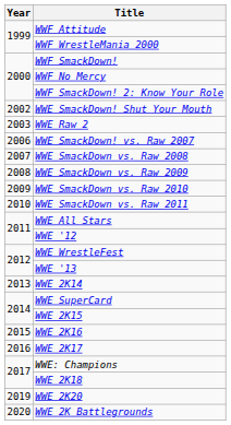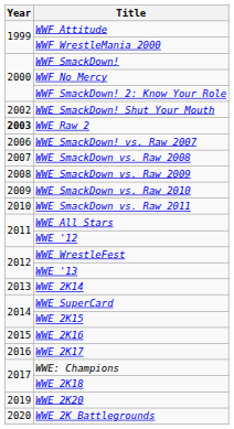 <table class = "wikitable sortable">
 <tr>
 <th>Year</th>
 <th>Title</th>
 </tr>
 <tr>
 <td rowspan="2">1999</td>
 <td><em><a href='#'>WWF Attitude</a></em></td>
 </tr>
 <tr>
 <td><em><a href='#'>WWF WrestleMania 2000</a></em></td>
 </tr>
 <tr>
 <td rowspan="3">2000</td>
 <td><em><a href='#'>WWF SmackDown!</a></em></td>
 </tr>
 <tr>
 <td><em><a href='#'>WWF No Mercy</a></em></td>
 </tr>
 <tr>
 <td><em><a href='#'>WWF SmackDown! 2: Know Your Role</a></em></td>
 </tr>
 <tr>
 <td>2002</td>
 <td><em><a href='#'>WWE SmackDown! Shut Your Mouth</a></em></td>
 </tr>
 <tr>
-<td>2003</td>
+<td><strong>2003</strong></td>
 <td><em><a href='#'>WWE Raw 2</a></em></td>
 </tr>
 <tr>
 <td>2006</td>
 <td><em><a href='#'>WWE SmackDown! vs. Raw 2007</a></em></td>
 </tr>
 <tr>
 <td>2007</td>
 <td><em><a href='#'>WWE SmackDown vs. Raw 2008</a></em></td>
 </tr>
 <tr>
 <td>2008</td>
 <td><em><a href='#'>WWE SmackDown vs. Raw 2009</a></em></td>
 </tr>
 <tr>
 <td>2009</td>
 <td><em><a href='#'>WWE SmackDown vs. Raw 2010</a></em></td>
 </tr>
 <tr>
 <td>2010</td>
 <td><em><a href='#'>WWE SmackDown vs. Raw 2011</a></em></td>
 </tr>
 <tr>
 <td rowspan="2">2011</td>
 <td><em><a href='#'>WWE All Stars</a></em></td>
 </tr>
 <tr>
 <td><em><a href='#'>WWE '12</a></em></td>
 </tr>
 <tr>
 <td rowspan="2">2012</td>
 <td><em><a href='#'>WWE WrestleFest</a></em></td>
 </tr>
 <tr>
 <td><em><a href='#'>WWE '13</a></em></td>
 </tr>
 <tr>
 <td>2013</td>
 <td><em><a href='#'>WWE 2K14</a></em></td>
 </tr>
 <tr>
 <td rowspan="2">2014</td>
 <td><em><a href='#'>WWE SuperCard</a></em></td>
 </tr>
 <tr>
 <td><em><a href='#'>WWE 2K15</a></em></td>
 </tr>
 <tr>
 <td>2015</td>
 <td><em><a href='#'>WWE 2K16</a></em></td>
 </tr>
 <tr>
 <td>2016</td>
 <td><em><a href='#'>WWE 2K17</a></em></td>
 </tr>
 <tr>
 <td rowspan="2">2017</td>
 <td><em>WWE: Champions</em></td>
 </tr>
 <tr>
 <td><em><a href='#'>WWE 2K18</a></em></td>
 </tr>
 <tr>
 <td>2019</td>
 <td><em><a href='#'>WWE 2K20</a></em></td>
 </tr>
 <tr>
 <td>2020</td>
 <td><em><a href='#'>WWE 2K Battlegrounds</a></em></td>
 </tr>
 </table>
